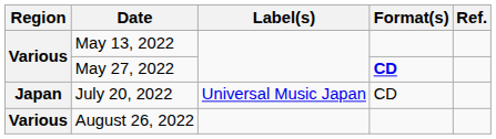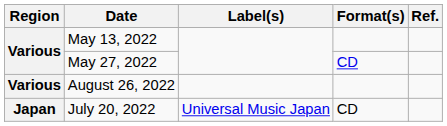 <table class="wikitable plainrowheaders">
 <tr>
 <th scope="col">Region</th>
 <th scope="col">Date</th>
 <th scope="col">Label(s)</th>
 <th scope="col">Format(s)</th>
 <th scope="col">Ref.</th>
 </tr>
 <tr>
 <th scope="row" rowspan="2">Various</th>
 <td>May 13, 2022</td>
 <td rowspan="2"></td>
 <td></td>
 <td style="text-align: center"></td>
 </tr>
 <tr>
 <td>May 27, 2022</td>
-<td><strong><a href='#'>CD</a></strong></td>
-<td style="text-align: center"></td>
-</tr>
-<tr>
-<th scope="row">Japan</th>
-<td>July 20, 2022</td>
-<td><a href='#'>Universal Music Japan</a></td>
-<td>CD</td>
+<td><a href='#'>CD</a></td>
 <td style="text-align: center"></td>
 </tr>
 <tr>
 <th scope="row">Various</th>
 <td>August 26, 2022</td>
 <td></td>
 <td></td>
 <td style="text-align:center"></td>
 </tr>
+<tr>
+<th scope="row">Japan</th>
+<td>July 20, 2022</td>
+<td><a href='#'>Universal Music Japan</a></td>
+<td>CD</td>
+<td style="text-align: center"></td>
+</tr>
 </table>
